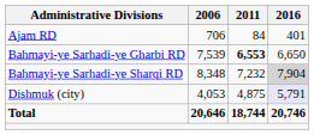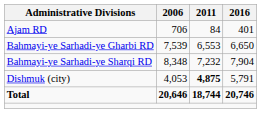 <table class="wikitable">
 <tr>
 <th>Administrative Divisions</th>
 <th>2006</th>
 <th>2011</th>
 <th>2016</th>
 </tr>
 <tr>
 <td><a href='#'>Ajam RD</a></td>
 <td style="text-align: right;">706</td>
 <td style="text-align: right;">84</td>
 <td style="text-align: right;">401</td>
 </tr>
 <tr>
 <td><a href='#'>Bahmayi-ye Sarhadi-ye Gharbi RD</a></td>
 <td style="text-align: right;">7,539</td>
-<td style="text-align: right;"><strong>6,553</strong></td>
+<td style="text-align: right;">6,553</td>
 <td style="text-align: right;">6,650</td>
 </tr>
 <tr>
 <td><a href='#'>Bahmayi-ye Sarhadi-ye Sharqi RD</a></td>
 <td style="text-align: right;">8,348</td>
 <td style="text-align: right;">7,232</td>
-<td style="background: lightgrey; text-align: right;">7,904</td>
+<td style="text-align: right;">7,904</td>
 </tr>
 <tr>
 <td><a href='#'>Dishmuk</a> (city)</td>
 <td style="text-align: right;">4,053</td>
-<td style="text-align: right;">4,875</td>
-<td style="background: lavender; text-align: right;">5,791</td>
+<td style="text-align: right;"><strong>4,875</strong></td>
+<td style="text-align: right;">5,791</td>
 </tr>
 <tr>
 <td><strong>Total</strong></td>
 <td style="text-align: right;"><strong>20,646</strong></td>
 <td style="text-align: right;"><strong>18,744</strong></td>
 <td style="text-align: right;"><strong>20,746</strong></td>
 </tr>
 <tr>
 <td colspan=4></td>
 </tr>
 </table>
